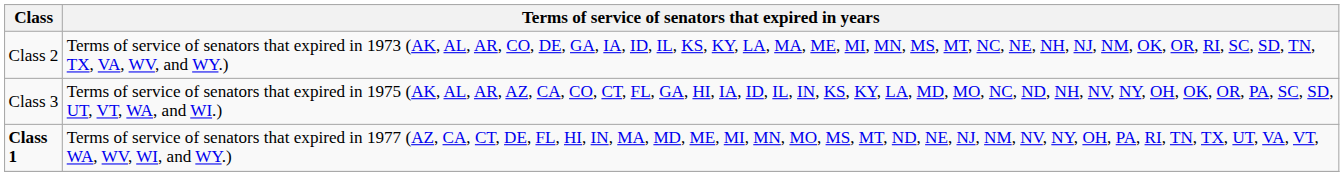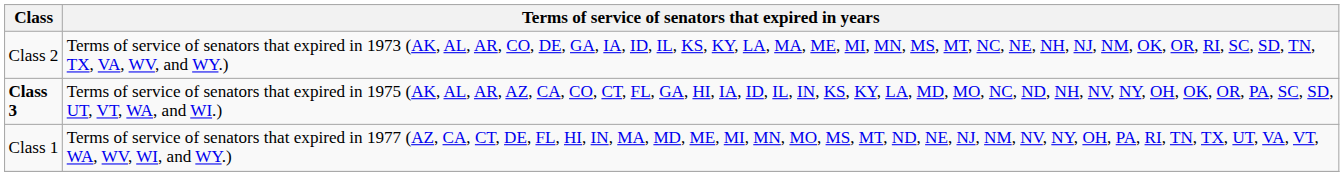 <table class="wikitable sortable">
 <tr valign=bottom>
 <th>Class</th>
 <th>Terms of service of senators that expired in years</th>
 </tr>
 <tr>
 <td>Class 2</td>
 <td>Terms of service of senators that expired in 1973 (<a href='#'>AK</a>, <a href='#'>AL</a>, <a href='#'>AR</a>, <a href='#'>CO</a>, <a href='#'>DE</a>, <a href='#'>GA</a>, <a href='#'>IA</a>, <a href='#'>ID</a>, <a href='#'>IL</a>, <a href='#'>KS</a>, <a href='#'>KY</a>, <a href='#'>LA</a>, <a href='#'>MA</a>, <a href='#'>ME</a>, <a href='#'>MI</a>, <a href='#'>MN</a>, <a href='#'>MS</a>, <a href='#'>MT</a>, <a href='#'>NC</a>, <a href='#'>NE</a>, <a href='#'>NH</a>, <a href='#'>NJ</a>, <a href='#'>NM</a>, <a href='#'>OK</a>, <a href='#'>OR</a>, <a href='#'>RI</a>, <a href='#'>SC</a>, <a href='#'>SD</a>, <a href='#'>TN</a>, <a href='#'>TX</a>, <a href='#'>VA</a>, <a href='#'>WV</a>, and <a href='#'>WY</a>.)</td>
 </tr>
 <tr>
-<td>Class 3</td>
+<td><strong>Class 3</strong></td>
 <td>Terms of service of senators that expired in 1975 (<a href='#'>AK</a>, <a href='#'>AL</a>, <a href='#'>AR</a>, <a href='#'>AZ</a>, <a href='#'>CA</a>, <a href='#'>CO</a>, <a href='#'>CT</a>, <a href='#'>FL</a>, <a href='#'>GA</a>, <a href='#'>HI</a>, <a href='#'>IA</a>, <a href='#'>ID</a>, <a href='#'>IL</a>, <a href='#'>IN</a>,  <a href='#'>KS</a>, <a href='#'>KY</a>, <a href='#'>LA</a>, <a href='#'>MD</a>, <a href='#'>MO</a>, <a href='#'>NC</a>, <a href='#'>ND</a>, <a href='#'>NH</a>, <a href='#'>NV</a>, <a href='#'>NY</a>, <a href='#'>OH</a>, <a href='#'>OK</a>, <a href='#'>OR</a>, <a href='#'>PA</a>, <a href='#'>SC</a>, <a href='#'>SD</a>, <a href='#'>UT</a>, <a href='#'>VT</a>, <a href='#'>WA</a>, and <a href='#'>WI</a>.)</td>
 </tr>
 <tr>
-<td><strong>Class 1</strong></td>
+<td>Class 1</td>
 <td>Terms of service of senators that expired in 1977 (<a href='#'>AZ</a>, <a href='#'>CA</a>, <a href='#'>CT</a>, <a href='#'>DE</a>, <a href='#'>FL</a>, <a href='#'>HI</a>, <a href='#'>IN</a>, <a href='#'>MA</a>, <a href='#'>MD</a>, <a href='#'>ME</a>, <a href='#'>MI</a>, <a href='#'>MN</a>, <a href='#'>MO</a>, <a href='#'>MS</a>, <a href='#'>MT</a>, <a href='#'>ND</a>, <a href='#'>NE</a>, <a href='#'>NJ</a>, <a href='#'>NM</a>, <a href='#'>NV</a>, <a href='#'>NY</a>, <a href='#'>OH</a>, <a href='#'>PA</a>, <a href='#'>RI</a>, <a href='#'>TN</a>, <a href='#'>TX</a>, <a href='#'>UT</a>, <a href='#'>VA</a>, <a href='#'>VT</a>, <a href='#'>WA</a>, <a href='#'>WV</a>, <a href='#'>WI</a>, and <a href='#'>WY</a>.)</td>
 </tr>
 <tr>
 </tr>
 </table>
